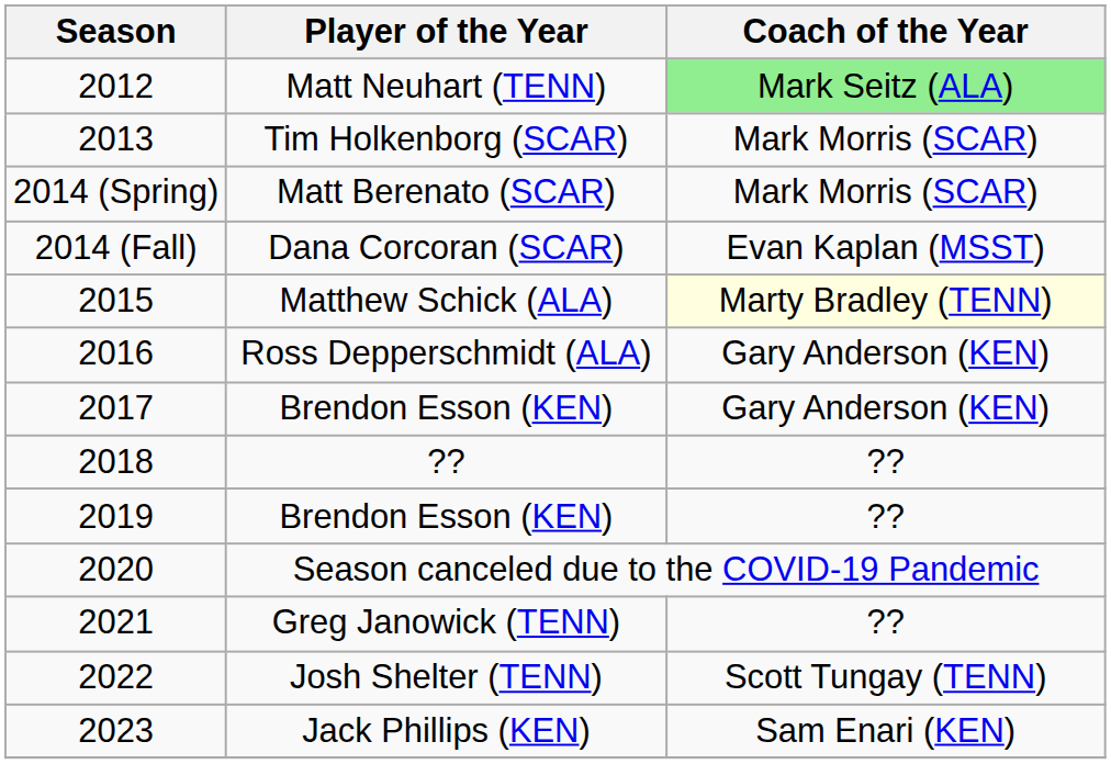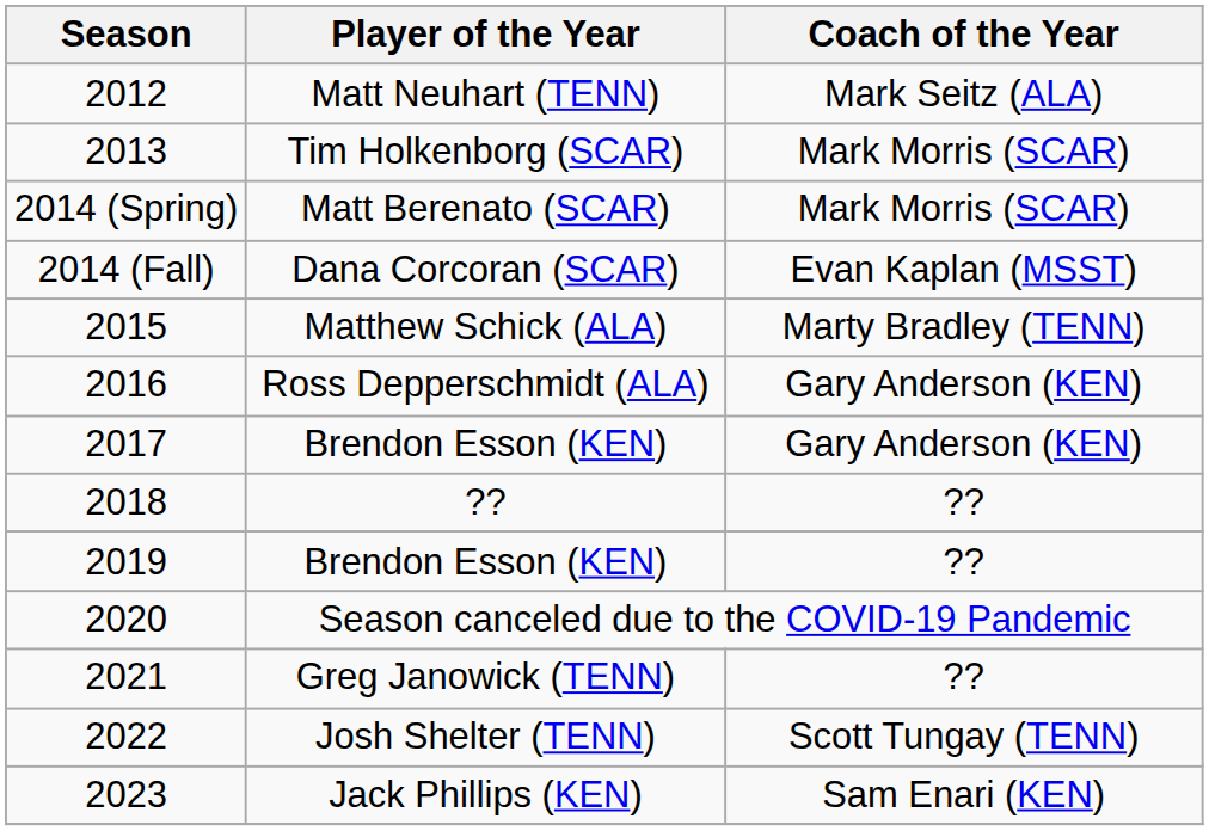 <table class="wikitable" style="text-align: center;">
 <tr>
 <th>Season</th>
 <th width=200px>Player of the Year</th>
 <th width=200px>Coach of the Year</th>
 </tr>
 <tr>
 <td>2012</td>
 <td>Matt Neuhart (<a href='#'>TENN</a>)</td>
-<td style="background: lightgreen;">Mark Seitz (<a href='#'>ALA</a>)</td>
+<td>Mark Seitz (<a href='#'>ALA</a>)</td>
 </tr>
 <tr>
 <td>2013</td>
 <td>Tim Holkenborg (<a href='#'>SCAR</a>)</td>
 <td>Mark Morris (<a href='#'>SCAR</a>)</td>
 </tr>
 <tr>
 <td>2014 (Spring)</td>
 <td>Matt Berenato (<a href='#'>SCAR</a>)</td>
 <td>Mark Morris (<a href='#'>SCAR</a>)</td>
 </tr>
 <tr>
 <td>2014 (Fall)</td>
 <td>Dana Corcoran (<a href='#'>SCAR</a>)</td>
 <td>Evan Kaplan (<a href='#'>MSST</a>)</td>
 </tr>
 <tr>
 <td>2015</td>
 <td>Matthew Schick (<a href='#'>ALA</a>)</td>
-<td style="background: lightyellow;">Marty Bradley (<a href='#'>TENN</a>)</td>
+<td>Marty Bradley (<a href='#'>TENN</a>)</td>
 </tr>
 <tr>
 <td>2016</td>
 <td>Ross Depperschmidt (<a href='#'>ALA</a>)</td>
 <td>Gary Anderson (<a href='#'>KEN</a>)</td>
 </tr>
 <tr>
 <td>2017</td>
 <td>Brendon Esson (<a href='#'>KEN</a>)</td>
 <td>Gary Anderson (<a href='#'>KEN</a>)</td>
 </tr>
 <tr>
 <td>2018</td>
 <td>??</td>
 <td>??</td>
 </tr>
 <tr>
 <td>2019</td>
 <td>Brendon Esson (<a href='#'>KEN</a>)</td>
 <td>??</td>
 </tr>
 <tr>
 <td>2020</td>
 <td colspan=2>Season canceled due to the <a href='#'>COVID-19 Pandemic</a></td>
 </tr>
 <tr>
 <td>2021</td>
 <td>Greg Janowick (<a href='#'>TENN</a>)</td>
 <td>??</td>
 </tr>
 <tr>
 <td>2022</td>
 <td>Josh Shelter (<a href='#'>TENN</a>)</td>
 <td>Scott Tungay (<a href='#'>TENN</a>)</td>
 </tr>
 <tr>
 <td>2023</td>
 <td>Jack Phillips (<a href='#'>KEN</a>)</td>
 <td>Sam Enari (<a href='#'>KEN</a>)</td>
 </tr>
 <tr>
 </tr>
 </table>
